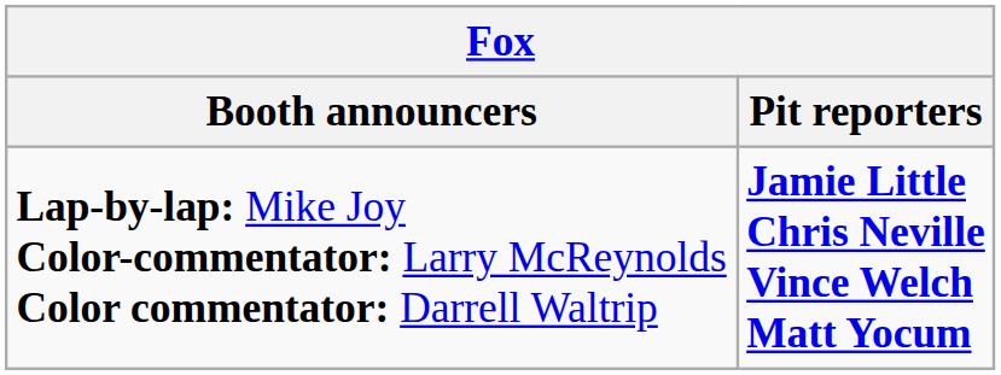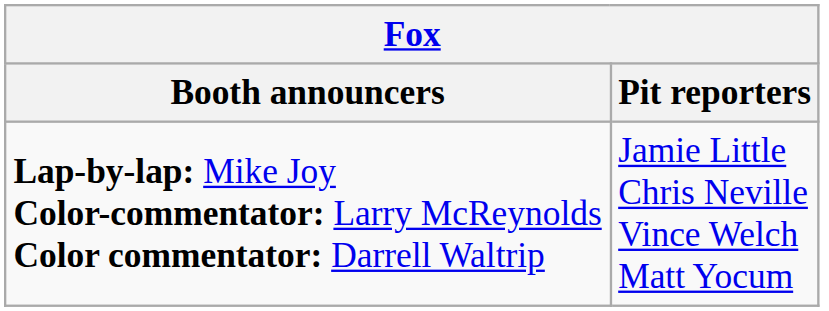 <table class="wikitable" style="font-size: 95%;">
 <tr>
 <th colspan="2"><a href='#'>Fox</a></th>
 </tr>
 <tr>
 <th>Booth announcers</th>
 <th>Pit reporters</th>
 </tr>
 <tr>
 <td><strong>Lap-by-lap:</strong> <a href='#'>Mike Joy</a><br><strong>Color-commentator:</strong> <a href='#'>Larry McReynolds</a><br><strong>Color commentator:</strong> <a href='#'>Darrell Waltrip</a></td>
-<td><strong><a href='#'>Jamie Little</a><br><a href='#'>Chris Neville</a><br><a href='#'>Vince Welch</a><br><a href='#'>Matt Yocum</a></strong></td>
+<td><a href='#'>Jamie Little</a><br><a href='#'>Chris Neville</a><br><a href='#'>Vince Welch</a><br><a href='#'>Matt Yocum</a></td>
 </tr>
 </table>
